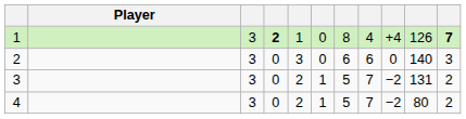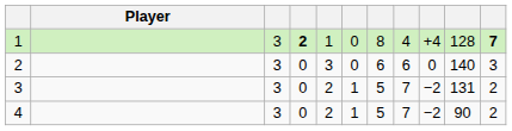 <table class="wikitable" style="text-align:center; margin: 1em auto 1em auto, align:left">
 <tr>
 <th width=20></th>
 <th width=240>Player</th>
 <th width=20></th>
 <th width=20></th>
 <th width=20></th>
 <th width=20></th>
 <th width=20></th>
 <th width=20></th>
 <th width=20></th>
 <th width=30></th>
 <th width=20></th>
 </tr>
 <tr style="background:#D0F0C0;">
 <td>1</td>
 <td align=left></td>
 <td>3</td>
 <td><strong>2</strong></td>
 <td>1</td>
 <td>0</td>
 <td>8</td>
 <td>4</td>
 <td>+4</td>
-<td>126</td>
+<td>128</td>
 <td><strong>7</strong></td>
 </tr>
 <tr style=>
 <td>2</td>
 <td align=left></td>
 <td>3</td>
 <td>0</td>
 <td>3</td>
 <td>0</td>
 <td>6</td>
 <td>6</td>
 <td>0</td>
 <td>140</td>
 <td>3</td>
 </tr>
 <tr style=>
 <td>3</td>
 <td align=left></td>
 <td>3</td>
 <td>0</td>
 <td>2</td>
 <td>1</td>
 <td>5</td>
 <td>7</td>
 <td>−2</td>
 <td>131</td>
 <td>2</td>
 </tr>
 <tr style=>
 <td>4</td>
 <td align=left></td>
 <td>3</td>
 <td>0</td>
 <td>2</td>
 <td>1</td>
 <td>5</td>
 <td>7</td>
 <td>−2</td>
-<td>80</td>
+<td>90</td>
 <td>2</td>
 </tr>
 </table>
